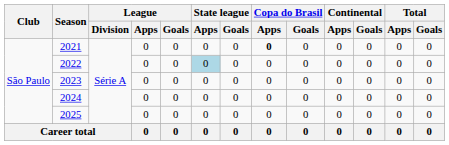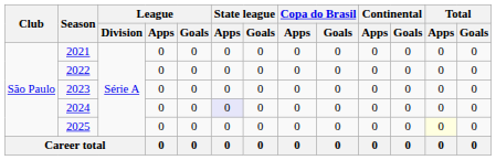 <table class="wikitable" style="text-align: center">
 <tr>
 <th rowspan="2">Club</th>
 <th rowspan="2">Season</th>
 <th colspan="3">League</th>
 <th colspan="2">State league</th>
 <th colspan="2"><a href='#'>Copa do Brasil</a></th>
 <th colspan="2">Continental</th>
 <th colspan="2">Total</th>
 </tr>
 <tr>
 <th>Division</th>
 <th>Apps</th>
 <th>Goals</th>
 <th>Apps</th>
 <th>Goals</th>
 <th>Apps</th>
 <th>Goals</th>
 <th>Apps</th>
 <th>Goals</th>
 <th>Apps</th>
 <th>Goals</th>
 </tr>
 <tr>
 <td rowspan="5"><a href='#'>São Paulo</a></td>
 <td><a href='#'>2021</a></td>
 <td rowspan="5"><a href='#'>Série A</a></td>
 <td>0</td>
 <td>0</td>
 <td>0</td>
 <td>0</td>
-<td><strong>0</strong></td>
+<td>0</td>
 <td>0</td>
 <td>0</td>
 <td>0</td>
 <td>0</td>
 <td>0</td>
 </tr>
 <tr>
 <td><a href='#'>2022</a></td>
 <td>0</td>
 <td>0</td>
-<td style="background: lightblue;">0</td>
+<td>0</td>
 <td>0</td>
 <td>0</td>
 <td>0</td>
 <td>0</td>
 <td>0</td>
 <td>0</td>
 <td>0</td>
 </tr>
 <tr>
 <td><a href='#'>2023</a></td>
 <td>0</td>
 <td>0</td>
 <td>0</td>
 <td>0</td>
 <td>0</td>
 <td>0</td>
 <td>0</td>
 <td>0</td>
 <td>0</td>
 <td>0</td>
 </tr>
 <tr>
 <td><a href='#'>2024</a></td>
 <td>0</td>
 <td>0</td>
-<td>0</td>
+<td style="background: lavender;">0</td>
 <td>0</td>
 <td>0</td>
 <td>0</td>
 <td>0</td>
 <td>0</td>
 <td>0</td>
 <td>0</td>
 </tr>
 <tr>
 <td><a href='#'>2025</a></td>
 <td>0</td>
 <td>0</td>
 <td>0</td>
 <td>0</td>
 <td>0</td>
 <td>0</td>
 <td>0</td>
 <td>0</td>
-<td>0</td>
+<td style="background: lightyellow;">0</td>
 <td>0</td>
 </tr>
 <tr>
 <th colspan="3">Career total</th>
 <th>0</th>
 <th>0</th>
 <th>0</th>
 <th>0</th>
 <th>0</th>
 <th>0</th>
 <th>0</th>
 <th>0</th>
 <th>0</th>
 <th>0</th>
 </tr>
 </table>
